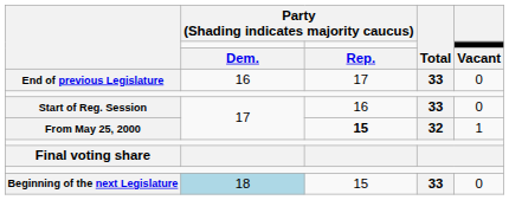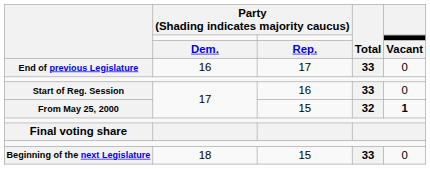 <table class=wikitable style="text-align:center">
 <tr style="vertical-align:bottom;">
 <th rowspan=3></th>
 <th colspan=2>Party <div>(Shading indicates majority caucus)</div></th>
 <th rowspan=3>Total</th>
 <th></th>
 </tr>
 <tr style="height:5px">
 <td style="background-color:"></td>
 <td style="background-color:"></td>
 <td style="background:black;"></td>
 </tr>
 <tr>
 <th><a href='#'>Dem.</a></th>
 <th><a href='#'>Rep.</a></th>
 <th>Vacant</th>
 </tr>
 <tr>
 <th style="font-size:80%;">End of <a href='#'>previous Legislature</a></th>
 <td>16</td>
 <td>17</td>
 <th>33</th>
 <td>0</td>
 </tr>
 <tr>
 <td colspan=5></td>
 </tr>
 <tr>
 <th style="font-size:80%;">Start of Reg. Session</th>
 <td rowspan="2" >17</td>
 <td>16</td>
 <th>33</th>
 <td>0</td>
 </tr>
 <tr>
 <th style="font-size:80%;">From May 25, 2000</th>
-<td><strong>15</strong></td>
+<td>15</td>
 <th>32</th>
-<td>1</td>
+<td><strong>1</strong></td>
 </tr>
 <tr>
 <td colspan=5></td>
 </tr>
 <tr>
 <th>Final voting share</th>
 <th></th>
 <th></th>
 <th colspan=2></th>
 </tr>
 <tr>
 <td colspan=5></td>
 </tr>
 <tr>
 <th style="font-size:80%;">Beginning of the <a href='#'>next Legislature</a></th>
-<td style="background: lightblue;">18</td>
+<td>18</td>
 <td>15</td>
 <th>33</th>
 <td>0</td>
 </tr>
 </table>
